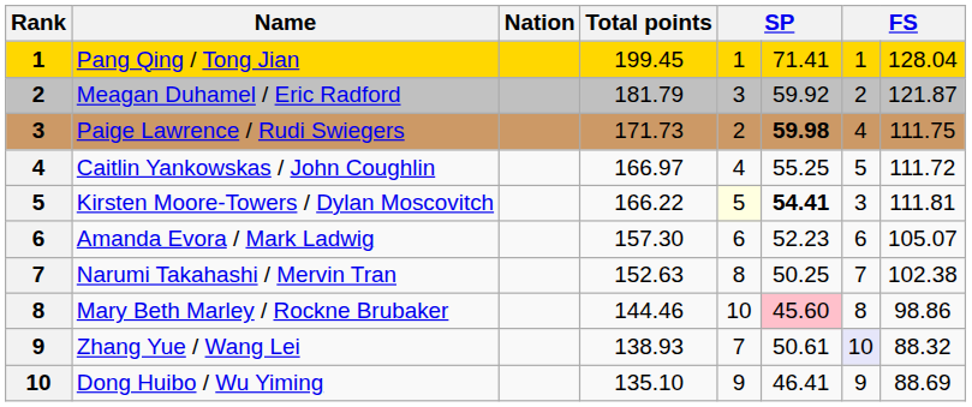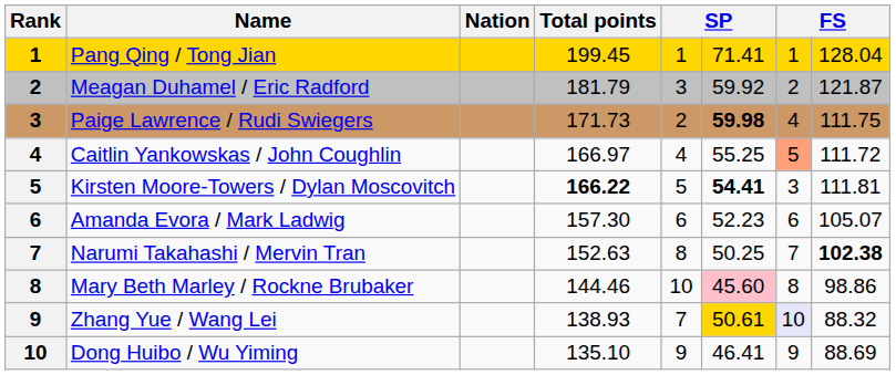 <table class="wikitable sortable">
 <tr>
 <th>Rank</th>
 <th>Name</th>
 <th>Nation</th>
 <th>Total points</th>
 <th colspan="2" width="80px"><a href='#'>SP</a></th>
 <th colspan="2" width="80px"><a href='#'>FS</a></th>
 </tr>
 <tr bgcolor="gold">
 <td align="center"><strong>1</strong></td>
 <td><a href='#'>Pang Qing</a> / <a href='#'>Tong Jian</a></td>
 <td></td>
 <td align="center">199.45</td>
 <td align="center">1</td>
 <td align="center">71.41</td>
 <td align="center">1</td>
 <td align="center">128.04</td>
 </tr>
 <tr bgcolor="silver">
 <td align="center"><strong>2</strong></td>
 <td><a href='#'>Meagan Duhamel</a> / <a href='#'>Eric Radford</a></td>
 <td></td>
 <td align="center">181.79</td>
 <td align="center">3</td>
 <td align="center">59.92</td>
 <td align="center">2</td>
 <td align="center">121.87</td>
 </tr>
 <tr bgcolor="cc9966">
 <td align="center"><strong>3</strong></td>
 <td><a href='#'>Paige Lawrence</a> / <a href='#'>Rudi Swiegers</a></td>
 <td></td>
 <td align="center">171.73</td>
 <td align="center">2</td>
 <td align="center"><strong>59.98</strong></td>
 <td align="center">4</td>
 <td align="center">111.75</td>
 </tr>
 <tr>
 <th>4</th>
 <td><a href='#'>Caitlin Yankowskas</a> / <a href='#'>John Coughlin</a></td>
 <td></td>
 <td align="center">166.97</td>
 <td align="center">4</td>
 <td align="center">55.25</td>
-<td align="center">5</td>
+<td align="center" style="background: lightsalmon;">5</td>
 <td align="center">111.72</td>
 </tr>
 <tr>
 <th>5</th>
 <td><a href='#'>Kirsten Moore-Towers</a> / <a href='#'>Dylan Moscovitch</a></td>
 <td></td>
-<td align="center">166.22</td>
-<td align="center" style="background: lightyellow;">5</td>
+<td align="center"><strong>166.22</strong></td>
+<td align="center">5</td>
 <td align="center"><strong>54.41</strong></td>
 <td align="center">3</td>
 <td align="center">111.81</td>
 </tr>
 <tr>
 <th>6</th>
 <td><a href='#'>Amanda Evora</a> / <a href='#'>Mark Ladwig</a></td>
 <td></td>
 <td align="center">157.30</td>
 <td align="center">6</td>
 <td align="center">52.23</td>
 <td align="center">6</td>
 <td align="center">105.07</td>
 </tr>
 <tr>
 <th>7</th>
 <td><a href='#'>Narumi Takahashi</a> / <a href='#'>Mervin Tran</a></td>
 <td></td>
 <td align="center">152.63</td>
 <td align="center">8</td>
 <td align="center">50.25</td>
 <td align="center">7</td>
-<td align="center">102.38</td>
+<td align="center"><strong>102.38</strong></td>
 </tr>
 <tr>
 <th>8</th>
 <td><a href='#'>Mary Beth Marley</a> / <a href='#'>Rockne Brubaker</a></td>
 <td></td>
 <td align="center">144.46</td>
 <td align="center">10</td>
 <td align="center" style="background: pink;">45.60</td>
 <td align="center">8</td>
 <td align="center">98.86</td>
 </tr>
 <tr>
 <th>9</th>
 <td><a href='#'>Zhang Yue</a> / <a href='#'>Wang Lei</a></td>
 <td></td>
 <td align="center">138.93</td>
 <td align="center">7</td>
-<td align="center">50.61</td>
+<td align="center" style="background: gold;">50.61</td>
 <td align="center" style="background: lavender;">10</td>
 <td align="center">88.32</td>
 </tr>
 <tr>
 <th>10</th>
 <td><a href='#'>Dong Huibo</a> / <a href='#'>Wu Yiming</a></td>
 <td></td>
 <td align="center">135.10</td>
 <td align="center">9</td>
 <td align="center">46.41</td>
 <td align="center">9</td>
 <td align="center">88.69</td>
 </tr>
 </table>
